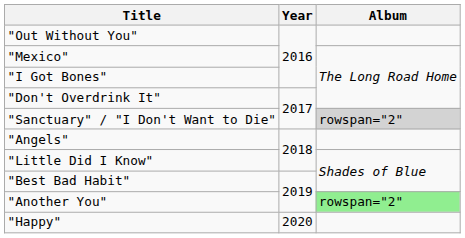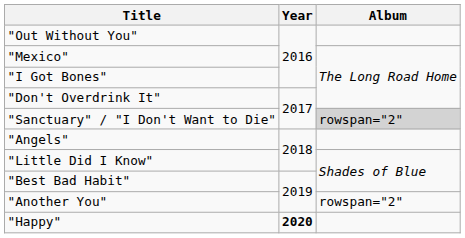 <table class="wikitable plainrowheaders sortable">
 <tr>
 <th>Title</th>
 <th>Year</th>
 <th>Album</th>
 </tr>
 <tr>
 <td scope="row">"Out Without You"</td>
 <td rowspan="3">2016</td>
 <td></td>
 </tr>
 <tr>
 <td scope="row">"Mexico"</td>
 <td rowspan="3"><em>The Long Road Home</em></td>
 </tr>
 <tr>
 <td scope="row">"I Got Bones"</td>
 </tr>
 <tr>
 <td scope="row">"Don't Overdrink It"</td>
 <td rowspan="2">2017</td>
 </tr>
 <tr>
 <td scope="row">"Sanctuary" / "I Don't Want to Die"</td>
 <td style="background: lightgrey;">rowspan="2" </td>
 </tr>
 <tr>
 <td scope="row">"Angels"</td>
 <td rowspan="2">2018</td>
 </tr>
 <tr>
 <td scope="row">"Little Did I Know"</td>
 <td rowspan="2"><em>Shades of Blue</em></td>
 </tr>
 <tr>
 <td scope="row">"Best Bad Habit"</td>
 <td rowspan="2">2019</td>
 </tr>
 <tr>
 <td scope="row">"Another You"</td>
-<td style="background: lightgreen;">rowspan="2" </td>
+<td>rowspan="2" </td>
 </tr>
 <tr>
 <td scope="row">"Happy"</td>
-<td>2020</td>
+<td><strong>2020</strong></td>
 </tr>
 </table>
